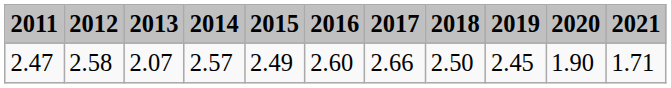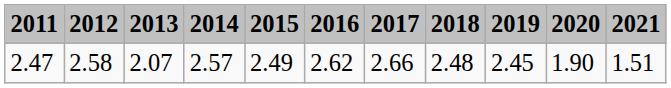 <table class="wikitable" border="1">
 <tr align="center" style="background:#c0c0c0;">
 <td><strong>2011</strong></td>
 <td><strong>2012</strong></td>
 <td><strong>2013</strong></td>
 <td><strong>2014</strong></td>
 <td><strong>2015</strong></td>
 <td><strong>2016</strong></td>
 <td><strong>2017</strong></td>
 <td><strong>2018</strong></td>
 <td><strong>2019</strong></td>
 <td><strong>2020</strong></td>
 <td><strong>2021</strong></td>
 </tr>
 <tr>
 <td>2.47</td>
 <td>2.58</td>
 <td>2.07</td>
 <td>2.57</td>
 <td>2.49</td>
-<td>2.60</td>
+<td>2.62</td>
 <td>2.66</td>
-<td>2.50</td>
+<td>2.48</td>
 <td>2.45</td>
 <td>1.90</td>
-<td>1.71</td>
+<td>1.51</td>
 </tr>
 </table>
